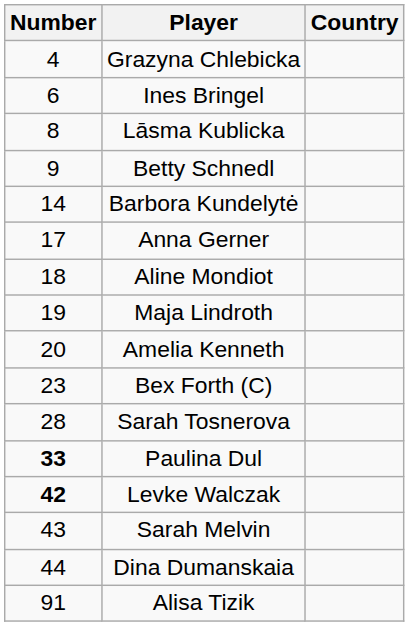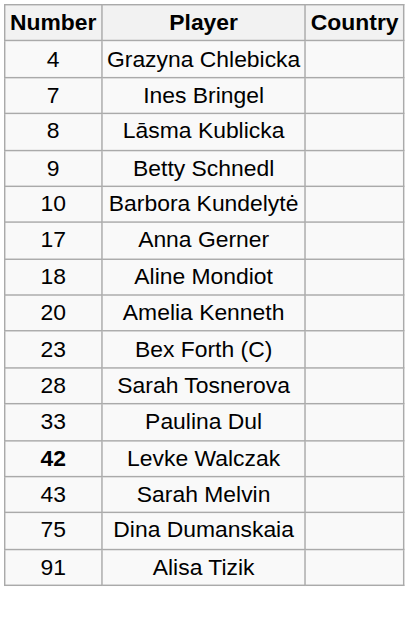 <table class="wikitable" ; width:50%;">
 <tr>
 <th>Number</th>
 <th>Player</th>
 <th>Country</th>
 </tr>
 <tr>
 <td style="text-align: center">4</td>
 <td style="text-align: center">Grazyna Chlebicka</td>
 <td></td>
 </tr>
 <tr>
-<td style="text-align: center">6</td>
+<td style="text-align: center">7</td>
 <td style="text-align: center">Ines Bringel</td>
 <td></td>
 </tr>
 <tr>
 <td style="text-align: center">8</td>
 <td style="text-align: center">Lāsma Kublicka</td>
 <td></td>
 </tr>
 <tr>
 <td style="text-align: center">9</td>
 <td style="text-align: center">Betty Schnedl</td>
 <td></td>
 </tr>
 <tr>
-<td style="text-align: center">14</td>
+<td style="text-align: center">10</td>
 <td style="text-align: center">Barbora Kundelytė</td>
 <td></td>
 </tr>
 <tr>
 <td style="text-align: center">17</td>
 <td style="text-align: center">Anna Gerner</td>
 <td></td>
 </tr>
 <tr>
 <td style="text-align: center">18</td>
 <td style="text-align: center">Aline Mondiot</td>
-<td></td>
-</tr>
-<tr>
-<td style="text-align: center">19</td>
-<td style="text-align: center">Maja Lindroth</td>
 <td></td>
 </tr>
 <tr>
 <td style="text-align: center">20</td>
 <td style="text-align: center">Amelia Kenneth</td>
 <td></td>
 </tr>
 <tr>
 <td style="text-align: center">23</td>
 <td style="text-align: center">Bex Forth (C)</td>
 <td></td>
 </tr>
 <tr>
 <td style="text-align: center">28</td>
 <td style="text-align: center">Sarah Tosnerova</td>
 <td></td>
 </tr>
 <tr>
-<td style="text-align: center"><strong>33</strong></td>
+<td style="text-align: center">33</td>
 <td style="text-align: center">Paulina Dul</td>
 <td></td>
 </tr>
 <tr>
 <td style="text-align: center"><strong>42</strong></td>
 <td style="text-align: center">Levke Walczak</td>
 <td></td>
 </tr>
 <tr>
 <td style="text-align: center">43</td>
 <td style="text-align: center">Sarah Melvin</td>
 <td></td>
 </tr>
 <tr>
-<td style="text-align: center">44</td>
+<td style="text-align: center">75</td>
 <td style="text-align: center">Dina Dumanskaia</td>
 <td></td>
 </tr>
 <tr>
 <td style="text-align: center">91</td>
 <td style="text-align: center">Alisa Tizik</td>
 <td></td>
 </tr>
 </table>
